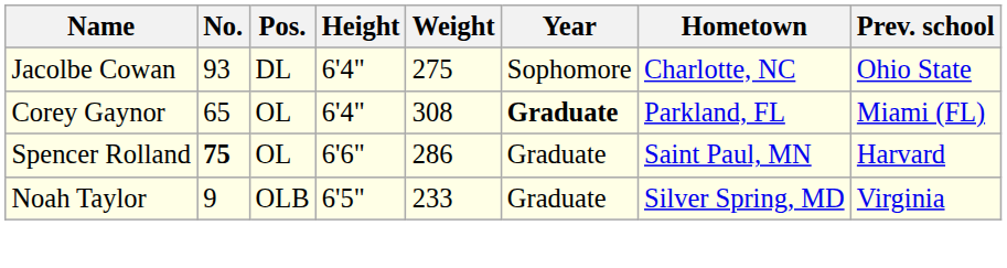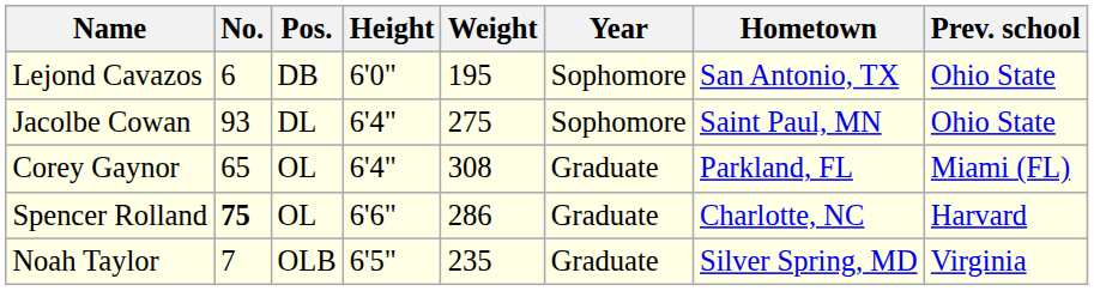 <table class="wikitable sortable">
 <tr>
 <th>Name</th>
 <th>No.</th>
 <th>Pos.</th>
 <th>Height</th>
 <th>Weight</th>
 <th>Year</th>
 <th>Hometown</th>
 <th class="unsortable">Prev. school</th>
 </tr>
 <tr style="background:#FFFFE6;">
+<td>Lejond Cavazos</td>
+<td>6</td>
+<td>DB</td>
+<td>6'0"</td>
+<td>195</td>
+<td> Sophomore</td>
+<td><a href='#'>San Antonio, TX</a></td>
+<td><a href='#'>Ohio State</a></td>
+</tr>
+<tr style="background:#FFFFE6;">
 <td>Jacolbe Cowan</td>
 <td>93</td>
 <td>DL</td>
 <td>6'4"</td>
 <td>275</td>
 <td> Sophomore</td>
-<td><a href='#'>Charlotte, NC</a></td>
+<td><a href='#'>Saint Paul, MN</a></td>
 <td><a href='#'>Ohio State</a></td>
 </tr>
 <tr style="background:#FFFFE6;">
 <td>Corey Gaynor</td>
 <td>65</td>
 <td>OL</td>
 <td>6'4"</td>
 <td>308</td>
-<td><strong>Graduate</strong></td>
+<td>Graduate</td>
 <td><a href='#'>Parkland, FL</a></td>
 <td><a href='#'>Miami (FL)</a></td>
 </tr>
 <tr style="background:#FFFFE6;">
 <td>Spencer Rolland</td>
 <td><strong>75</strong></td>
 <td>OL</td>
 <td>6'6"</td>
 <td>286</td>
 <td>Graduate</td>
-<td><a href='#'>Saint Paul, MN</a></td>
+<td><a href='#'>Charlotte, NC</a></td>
 <td><a href='#'>Harvard</a></td>
 </tr>
 <tr style="background:#FFFFE6;">
 <td>Noah Taylor</td>
-<td>9</td>
+<td>7</td>
 <td>OLB</td>
 <td>6'5"</td>
-<td>233</td>
+<td>235</td>
 <td>Graduate</td>
 <td><a href='#'>Silver Spring, MD</a></td>
 <td><a href='#'>Virginia</a></td>
 </tr>
 </table>
